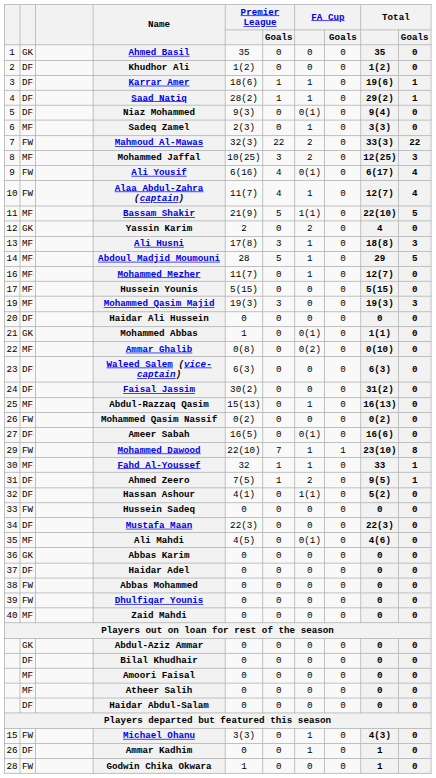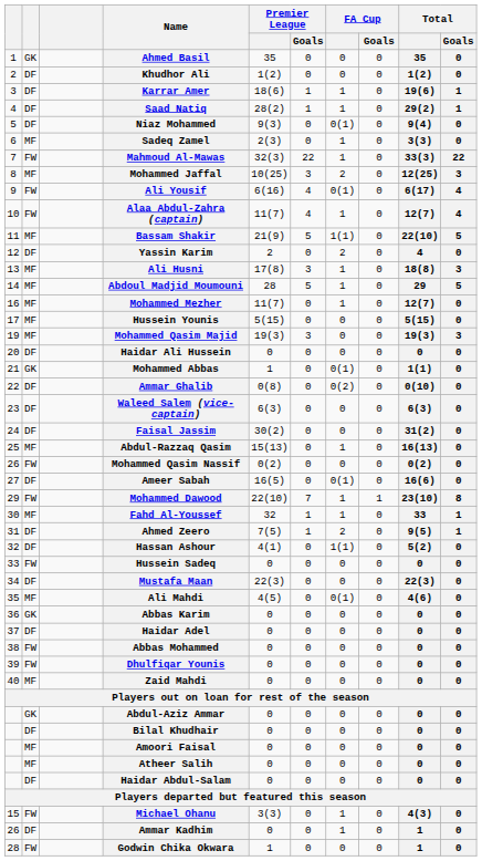 <table class="wikitable sortable plainrowheaders" style="text-align:center">
 <tr>
 <th rowspan="2"></th>
 <th rowspan="2"></th>
 <th rowspan="2" style="width:75px;"></th>
 <th rowspan="2" style="width:180px;">Name</th>
 <th colspan="2" style="width:87px;"><a href='#'>Premier League</a></th>
 <th colspan="2" style="width:87px;"><a href='#'>FA Cup</a></th>
 <th colspan="2" style="width:87px;">Total</th>
 </tr>
 <tr>
 <th></th>
 <th>Goals</th>
 <th></th>
 <th>Goals</th>
 <th></th>
 <th>Goals</th>
 </tr>
 <tr>
 <td>1</td>
 <td>GK</td>
 <td></td>
 <th scope="row"><a href='#'>Ahmed Basil</a><br></th>
 <td>35</td>
 <td>0<br></td>
 <td>0</td>
 <td>0<br></td>
 <th>35</th>
 <th>0</th>
 </tr>
 <tr>
 <td>2</td>
 <td>DF</td>
 <td></td>
 <th scope="row">Khudhor Ali<br></th>
 <td>1(2)</td>
 <td>0<br></td>
 <td>0</td>
 <td>0<br></td>
 <th>1(2)</th>
 <th>0</th>
 </tr>
 <tr>
 <td>3</td>
 <td>DF</td>
 <td></td>
 <th scope="row"><a href='#'>Karrar Amer</a><br></th>
 <td>18(6)</td>
 <td>1<br></td>
 <td>1</td>
 <td>0<br></td>
 <th>19(6)</th>
 <th>1</th>
 </tr>
 <tr>
 <td>4</td>
 <td>DF</td>
 <td></td>
 <th scope="row"><a href='#'>Saad Natiq</a><br></th>
 <td>28(2)</td>
 <td>1<br></td>
 <td>1</td>
 <td>0<br></td>
 <th>29(2)</th>
 <th>1</th>
 </tr>
 <tr>
 <td>5</td>
 <td>DF</td>
 <td></td>
 <th scope="row">Niaz Mohammed<br></th>
 <td>9(3)</td>
 <td>0<br></td>
 <td>0(1)</td>
 <td>0<br></td>
 <th>9(4)</th>
 <th>0</th>
 </tr>
 <tr>
 <td>6</td>
 <td>MF</td>
 <td></td>
 <th scope="row">Sadeq Zamel<br></th>
 <td>2(3)</td>
 <td>0<br></td>
 <td>1</td>
 <td>0<br></td>
 <th>3(3)</th>
 <th>0</th>
 </tr>
 <tr>
 <td>7</td>
 <td>FW</td>
 <td></td>
 <th scope="row"><a href='#'>Mahmoud Al-Mawas</a><br></th>
 <td>32(3)</td>
 <td>22<br></td>
-<td>2</td>
+<td>1</td>
 <td>0<br></td>
 <th>33(3)</th>
 <th>22</th>
 </tr>
 <tr>
 <td>8</td>
 <td>MF</td>
 <td></td>
 <th scope="row">Mohammed Jaffal<br></th>
 <td>10(25)</td>
 <td>3<br></td>
 <td>2</td>
 <td>0<br></td>
 <th>12(25)</th>
 <th>3</th>
 </tr>
 <tr>
 <td>9</td>
 <td>FW</td>
 <td></td>
 <th scope="row"><a href='#'>Ali Yousif</a><br></th>
 <td>6(16)</td>
 <td>4<br></td>
 <td>0(1)</td>
 <td>0<br></td>
 <th>6(17)</th>
 <th>4</th>
 </tr>
 <tr>
 <td>10</td>
 <td>FW</td>
 <td></td>
 <th scope="row"><a href='#'>Alaa Abdul-Zahra</a> <em>(<a href='#'>captain</a>)</em><br></th>
 <td>11(7)</td>
 <td>4<br></td>
 <td>1</td>
 <td>0<br></td>
 <th>12(7)</th>
 <th>4</th>
 </tr>
 <tr>
 <td>11</td>
 <td>MF</td>
 <td></td>
 <th scope="row"><a href='#'>Bassam Shakir</a><br></th>
 <td>21(9)</td>
 <td>5<br></td>
 <td>1(1)</td>
 <td>0<br></td>
 <th>22(10)</th>
 <th>5<br>     </th>
 </tr>
 <tr>
 <td>12</td>
-<td>GK</td>
+<td>DF</td>
 <td></td>
 <th scope="row">Yassin Karim<br></th>
 <td>2</td>
 <td>0<br></td>
 <td>2</td>
 <td>0<br></td>
 <th>4</th>
 <th>0</th>
 </tr>
 <tr>
 <td>13</td>
 <td>MF</td>
 <td></td>
 <th scope="row"><a href='#'>Ali Husni</a><br></th>
 <td>17(8)</td>
 <td>3<br></td>
 <td>1</td>
 <td>0<br></td>
 <th>18(8)</th>
 <th>3</th>
 </tr>
 <tr>
 <td>14</td>
 <td>MF</td>
 <td></td>
 <th scope="row"><a href='#'>Abdoul Madjid Moumouni</a><br></th>
 <td>28</td>
 <td>5<br></td>
 <td>1</td>
 <td>0<br></td>
 <th>29</th>
 <th>5</th>
 </tr>
 <tr>
 <td>16</td>
 <td>MF</td>
 <td></td>
 <th scope="row"><a href='#'>Mohammed Mezher</a><br></th>
 <td>11(7)</td>
 <td>0<br></td>
 <td>1</td>
 <td>0<br></td>
 <th>12(7)</th>
 <th>0</th>
 </tr>
 <tr>
 <td>17</td>
 <td>MF</td>
 <td></td>
 <th scope="row">Hussein Younis<br></th>
 <td>5(15)</td>
 <td>0<br></td>
 <td>0</td>
 <td>0<br></td>
 <th>5(15)</th>
 <th>0</th>
 </tr>
 <tr>
 <td>19</td>
 <td>MF</td>
 <td></td>
 <th scope="row"><a href='#'>Mohammed Qasim Majid</a><br></th>
 <td>19(3)</td>
 <td>3<br></td>
 <td>0</td>
 <td>0<br></td>
 <th>19(3)</th>
 <th>3</th>
 </tr>
 <tr>
 <td>20</td>
 <td>DF</td>
 <td></td>
 <th scope="row">Haidar Ali Hussein<br></th>
 <td>0</td>
 <td>0<br></td>
 <td>0</td>
 <td>0<br></td>
 <th>0</th>
 <th>0</th>
 </tr>
 <tr>
 <td>21</td>
 <td>GK</td>
 <td></td>
 <th scope="row">Mohammed Abbas<br></th>
 <td>1</td>
 <td>0<br></td>
 <td>0(1)</td>
 <td>0<br></td>
 <th>1(1)</th>
 <th>0</th>
 </tr>
 <tr>
 <td>22</td>
-<td>MF</td>
+<td>DF</td>
 <td></td>
 <th scope="row"><a href='#'>Ammar Ghalib</a><br></th>
 <td>0(8)</td>
 <td>0<br></td>
 <td>0(2)</td>
 <td>0<br></td>
 <th>0(10)</th>
 <th>0</th>
 </tr>
 <tr>
 <td>23</td>
 <td>DF</td>
 <td></td>
 <th scope="row"><a href='#'>Waleed Salem</a> <em>(<a href='#'>vice-captain</a>)</em><br></th>
 <td>6(3)</td>
 <td>0<br></td>
 <td>0</td>
 <td>0<br></td>
 <th>6(3)</th>
 <th>0</th>
 </tr>
 <tr>
 <td>24</td>
 <td>DF</td>
 <td></td>
 <th scope="row"><a href='#'>Faisal Jassim</a><br></th>
 <td>30(2)</td>
 <td>0<br></td>
 <td>0</td>
 <td>0<br></td>
 <th>31(2)</th>
 <th>0</th>
 </tr>
 <tr>
 <td>25</td>
 <td>MF</td>
 <td></td>
 <th scope="row">Abdul-Razzaq Qasim<br></th>
 <td>15(13)</td>
 <td>0<br></td>
 <td>1</td>
 <td>0<br></td>
 <th>16(13)</th>
 <th>0</th>
 </tr>
 <tr>
 <td>26</td>
 <td>FW</td>
 <td></td>
 <th scope="row">Mohammed Qasim Nassif<br></th>
 <td>0(2)</td>
 <td>0<br></td>
 <td>0</td>
 <td>0<br></td>
 <th>0(2)</th>
 <th>0</th>
 </tr>
 <tr>
 <td>27</td>
 <td>DF</td>
 <td></td>
 <th scope="row">Ameer Sabah<br></th>
 <td>16(5)</td>
 <td>0<br></td>
 <td>0(1)</td>
 <td>0<br></td>
 <th>16(6)</th>
 <th>0</th>
 </tr>
 <tr>
 <td>29</td>
 <td>FW</td>
 <td></td>
 <th scope="row"><a href='#'>Mohammed Dawood</a><br></th>
 <td>22(10)</td>
 <td>7<br></td>
 <td>1</td>
 <td>1<br></td>
 <th>23(10)</th>
 <th>8</th>
 </tr>
 <tr>
 <td>30</td>
 <td>MF</td>
 <td></td>
 <th scope="row"><a href='#'>Fahd Al-Youssef</a><br></th>
 <td>32</td>
 <td>1<br></td>
 <td>1</td>
 <td>0<br></td>
 <th>33</th>
 <th>1</th>
 </tr>
 <tr>
 <td>31</td>
 <td>DF</td>
 <td></td>
 <th scope="row">Ahmed Zeero<br></th>
 <td>7(5)</td>
 <td>1<br></td>
 <td>2</td>
 <td>0<br></td>
 <th>9(5)</th>
 <th>1</th>
 </tr>
 <tr>
 <td>32</td>
 <td>DF</td>
 <td></td>
 <th scope="row">Hassan Ashour<br></th>
 <td>4(1)</td>
 <td>0<br></td>
 <td>1(1)</td>
 <td>0<br></td>
 <th>5(2)</th>
 <th>0</th>
 </tr>
 <tr>
 <td>33</td>
 <td>FW</td>
 <td></td>
 <th scope="row">Hussein Sadeq<br></th>
 <td>0</td>
 <td>0<br></td>
 <td>0</td>
 <td>0<br></td>
 <th>0</th>
 <th>0</th>
 </tr>
 <tr>
 <td>34</td>
 <td>DF</td>
 <td></td>
 <th scope="row"><a href='#'>Mustafa Maan</a><br></th>
 <td>22(3)</td>
 <td>0<br></td>
 <td>0</td>
 <td>0<br></td>
 <th>22(3)</th>
 <th>0</th>
 </tr>
 <tr>
 <td>35</td>
 <td>MF</td>
 <td></td>
 <th scope="row">Ali Mahdi<br></th>
 <td>4(5)</td>
 <td>0<br></td>
 <td>0(1)</td>
 <td>0<br></td>
 <th>4(6)</th>
 <th>0</th>
 </tr>
 <tr>
 <td>36</td>
 <td>GK</td>
 <td></td>
 <th scope="row">Abbas Karim<br></th>
 <td>0</td>
 <td>0<br></td>
 <td>0</td>
 <td>0<br></td>
 <th>0</th>
 <th>0</th>
 </tr>
 <tr>
 <td>37</td>
 <td>DF</td>
 <td></td>
 <th scope="row">Haidar Adel<br></th>
 <td>0</td>
 <td>0<br></td>
 <td>0</td>
 <td>0<br></td>
 <th>0</th>
 <th>0</th>
 </tr>
 <tr>
 <td>38</td>
 <td>FW</td>
 <td></td>
 <th scope="row">Abbas Mohammed<br></th>
 <td>0</td>
 <td>0<br></td>
 <td>0</td>
 <td>0<br></td>
 <th>0</th>
 <th>0</th>
 </tr>
 <tr>
 <td>39</td>
 <td>FW</td>
 <td></td>
 <th scope="row"><a href='#'>Dhulfiqar Younis</a><br></th>
 <td>0</td>
 <td>0<br></td>
 <td>0</td>
 <td>0<br></td>
 <th>0</th>
 <th>0</th>
 </tr>
 <tr>
 <td>40</td>
 <td>MF</td>
 <td></td>
 <th scope="row">Zaid Mahdi<br></th>
 <td>0</td>
 <td>0<br></td>
 <td>0</td>
 <td>0<br></td>
 <th>0</th>
 <th>0</th>
 </tr>
 <tr>
 <th colspan="14">Players out on loan for rest of the season</th>
 </tr>
 <tr>
 <td></td>
 <td>GK</td>
 <td></td>
 <th scope="row">Abdul-Aziz Ammar<br></th>
 <td>0</td>
 <td>0<br></td>
 <td>0</td>
 <td>0<br></td>
 <th>0</th>
 <th>0</th>
 </tr>
 <tr>
 <td></td>
 <td>DF</td>
 <td></td>
 <th scope="row">Bilal Khudhair<br></th>
 <td>0</td>
 <td>0<br></td>
 <td>0</td>
 <td>0<br></td>
 <th>0</th>
 <th>0</th>
 </tr>
 <tr>
 <td></td>
 <td>MF</td>
 <td></td>
 <th scope="row">Amoori Faisal<br></th>
 <td>0</td>
 <td>0<br></td>
 <td>0</td>
 <td>0<br></td>
 <th>0</th>
 <th>0</th>
 </tr>
 <tr>
 <td></td>
 <td>MF</td>
 <td></td>
 <th scope="row">Atheer Salih<br></th>
 <td>0</td>
 <td>0<br></td>
 <td>0</td>
 <td>0<br></td>
 <th>0</th>
 <th>0</th>
 </tr>
 <tr>
 <td></td>
 <td>DF</td>
 <td></td>
 <th scope="row">Haidar Abdul-Salam<br></th>
 <td>0</td>
 <td>0<br></td>
 <td>0</td>
 <td>0<br></td>
 <th>0</th>
 <th>0</th>
 </tr>
 <tr>
 <th colspan="16">Players departed but featured this season</th>
 </tr>
 <tr>
 <td>15</td>
 <td>FW</td>
 <td></td>
 <th scope="row"><a href='#'>Michael Ohanu</a><br></th>
 <td>3(3)</td>
 <td>0<br></td>
 <td>1</td>
 <td>0<br></td>
 <th>4(3)</th>
 <th>0</th>
 </tr>
 <tr>
 <td>26</td>
 <td>DF</td>
 <td></td>
 <th scope="row">Ammar Kadhim<br></th>
 <td>0</td>
 <td>0<br></td>
 <td>1</td>
 <td>0<br></td>
 <th>1</th>
 <th>0</th>
 </tr>
 <tr>
 <td>28</td>
 <td>FW</td>
 <td></td>
 <th scope="row">Godwin Chika Okwara<br></th>
 <td>1</td>
 <td>0<br></td>
 <td>0</td>
 <td>0<br></td>
 <th>1</th>
 <th>0</th>
 </tr>
 </table>
